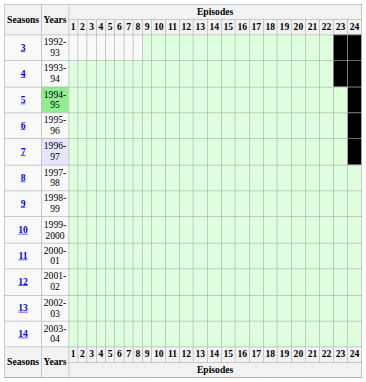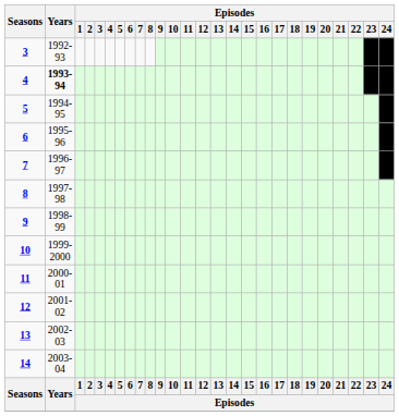 <table class="wikitable" style="text-align:center; margin:auto; width:5%;">
 <tr>
 <th colspan="1" rowspan="2" style="text-align:center;">Seasons</th>
 <th colspan="1" rowspan="2" style="text-align:center;">Years</th>
 <th colspan="24"  style="text-align:center;">Episodes</th>
 </tr>
 <tr>
 <th colspan="1" style="text-align:center;">1</th>
 <th colspan="1" style="text-align:center;">2</th>
 <th colspan="1" style="text-align:center;">3</th>
 <th colspan="1" style="text-align:center;">4</th>
 <th colspan="1" style="text-align:center;">5</th>
 <th colspan="1" style="text-align:center;">6</th>
 <th colspan="1" style="text-align:center;">7</th>
 <th colspan="1" style="text-align:center;">8</th>
 <th colspan="1" style="text-align:center;">9</th>
 <th colspan="1" style="text-align:center;">10</th>
 <th colspan="1" style="text-align:center;">11</th>
 <th colspan="1" style="text-align:center;">12</th>
 <th colspan="1" style="text-align:center;">13</th>
 <th colspan="1" style="text-align:center;">14</th>
 <th colspan="1" style="text-align:center;">15</th>
 <th colspan="1" style="text-align:center;">16</th>
 <th colspan="1" style="text-align:center;">17</th>
 <th colspan="1" style="text-align:center;">18</th>
 <th colspan="1" style="text-align:center;">19</th>
 <th colspan="1" style="text-align:center;">20</th>
 <th colspan="1" style="text-align:center;">21</th>
 <th colspan="1" style="text-align:center;">22</th>
 <th colspan="1" style="text-align:center;">23</th>
 <th colspan="1" style="text-align:center;">24</th>
 </tr>
 <tr>
 <td><strong><a href='#'>3</a></strong></td>
 <td>1992-93</td>
 <td></td>
 <td></td>
 <td></td>
 <td></td>
 <td></td>
 <td></td>
 <td></td>
 <td></td>
 <td colspan="1" style="background:#dfd; text-align:center;"></td>
 <td colspan="1" style="background:#dfd; text-align:center;"></td>
 <td colspan="1" style="background:#dfd; text-align:center;"></td>
 <td colspan="1" style="background:#dfd; text-align:center;"></td>
 <td colspan="1" style="background:#dfd; text-align:center;"></td>
 <td colspan="1" style="background:#dfd; text-align:center;"></td>
 <td colspan="1" style="background:#dfd; text-align:center;"></td>
 <td colspan="1" style="background:#dfd; text-align:center;"></td>
 <td colspan="1" style="background:#dfd; text-align:center;"></td>
 <td colspan="1" style="background:#dfd; text-align:center;"></td>
 <td colspan="1" style="background:#dfd; text-align:center;"></td>
 <td colspan="1" style="background:#dfd; text-align:center;"></td>
 <td colspan="1" style="background:#dfd; text-align:center;"></td>
 <td olspan="1" style="background:#dfd; text-align:center;"></td>
 <td colspan="1" style="background:black; color:black; vertical-align:middle; text-align:center;" class="table-na"></td>
 <td colspan="1" style="background:black; color:black; vertical-align:middle; text-align:center;" class="table-na"></td>
 </tr>
 <tr>
 <td><strong><a href='#'>4</a></strong></td>
-<td>1993-94</td>
+<td><strong>1993-94</strong></td>
 <td ="1" style="background:#dfd; text-align:center;"></td>
 <td colspan="1" style="background:#dfd; text-align:center;"></td>
 <td colspan="1" style="background:#dfd; text-align:center;"></td>
 <td colspan="1" style="background:#dfd; text-align:center;"></td>
 <td colspan="1" style="background:#dfd; text-align:center;"></td>
 <td colspan="1" style="background:#dfd; text-align:center;"></td>
 <td colspan="1" style="background:#dfd; text-align:center;"></td>
 <td colspan="1" style="background:#dfd; text-align:center;"></td>
 <td colspan="1" style="background:#dfd; text-align:center;"></td>
 <td colspan="1" style="background:#dfd; text-align:center;"></td>
 <td colspan="1" style="background:#dfd; text-align:center;"></td>
 <td colspan="1" style="background:#dfd; text-align:center;"></td>
 <td colspan="1" style="background:#dfd; text-align:center;"></td>
 <td colspan="1" style="background:#dfd; text-align:center;"></td>
 <td colspan="1" style="background:#dfd; text-align:center;"></td>
 <td colspan="1" style="background:#dfd; text-align:center;"></td>
 <td colspan="1" style="background:#dfd; text-align:center;"></td>
 <td colspan="1" style="background:#dfd; text-align:center;"></td>
 <td colspan="1" style="background:#dfd; text-align:center;"></td>
 <td colspan="1" style="background:#dfd; text-align:center;"></td>
 <td colspan="1" style="background:#dfd; text-align:center;"></td>
 <td colspan="1" style="background:#dfd; text-align:center;"></td>
 <td colspan="1" style="background:black; color:gray; vertical-align:middle; text-align:center;" class="table-na"></td>
 <td colspan="1" style="background:black; color:gray; vertical-align:middle; text-align:center;" class="table-na"></td>
 </tr>
 <tr>
 <td><strong><a href='#'>5</a></strong></td>
-<td style="background: lightgreen;">1994-95</td>
+<td>1994-95</td>
 <td ="1" style="background:#dfd; text-align:center;"></td>
 <td colspan="1" style="background:#dfd; text-align:center;"></td>
 <td colspan="1" style="background:#dfd; text-align:center;"></td>
 <td colspan="1" style="background:#dfd; text-align:center;"></td>
 <td colspan="1" style="background:#dfd; text-align:center;"></td>
 <td colspan="1" style="background:#dfd; text-align:center;"></td>
 <td colspan="1" style="background:#dfd; text-align:center;"></td>
 <td colspan="1" style="background:#dfd; text-align:center;"></td>
 <td colspan="1" style="background:#dfd; text-align:center;"></td>
 <td colspan="1" style="background:#dfd; text-align:center;"></td>
 <td colspan="1" style="background:#dfd; text-align:center;"></td>
 <td colspan="1" style="background:#dfd; text-align:center;"></td>
 <td colspan="1" style="background:#dfd; text-align:center;"></td>
 <td colspan="1" style="background:#dfd; text-align:center;"></td>
 <td colspan="1" style="background:#dfd; text-align:center;"></td>
 <td colspan="1" style="background:#dfd; text-align:center;"></td>
 <td colspan="1" style="background:#dfd; text-align:center;"></td>
 <td colspan="1" style="background:#dfd; text-align:center;"></td>
 <td colspan="1" style="background:#dfd; text-align:center;"></td>
 <td colspan="1" style="background:#dfd; text-align:center;"></td>
 <td colspan="1" style="background:#dfd; text-align:center;"></td>
 <td colspan="1" style="background:#dfd; text-align:center;"></td>
 <td olspan="1" style="background:#dfd; text-align:center;"></td>
 <td colspan="1" style="background:black; color:gray; vertical-align:middle; text-align:center;" class="table-na"></td>
 </tr>
 <tr>
 <td><strong><a href='#'>6</a></strong></td>
 <td>1995-96</td>
 <td colspan="1" style="background:#dfd; text-align:center;"></td>
 <td colspan="1" style="background:#dfd; text-align:center;"></td>
 <td colspan="1" style="background:#dfd; text-align:center;"></td>
 <td colspan="1" style="background:#dfd; text-align:center;"></td>
 <td colspan="1" style="background:#dfd; text-align:center;"></td>
 <td colspan="1" style="background:#dfd; text-align:center;"></td>
 <td colspan="1" style="background:#dfd; text-align:center;"></td>
 <td colspan="1" style="background:#dfd; text-align:center;"></td>
 <td colspan="1" style="background:#dfd; text-align:center;"></td>
 <td colspan="1" style="background:#dfd; text-align:center;"></td>
 <td colspan="1" style="background:#dfd; text-align:center;"></td>
 <td colspan="1" style="background:#dfd; text-align:center;"></td>
 <td colspan="1" style="background:#dfd; text-align:center;"></td>
 <td colspan="1" style="background:#dfd; text-align:center;"></td>
 <td colspan="1" style="background:#dfd; text-align:center;"></td>
 <td colspan="1" style="background:#dfd; text-align:center;"></td>
 <td colspan="1" style="background:#dfd; text-align:center;"></td>
 <td colspan="1" style="background:#dfd; text-align:center;"></td>
 <td colspan="1" style="background:#dfd; text-align:center;"></td>
 <td colspan="1" style="background:#dfd; text-align:center;"></td>
 <td colspan="1" style="background:#dfd; text-align:center;"></td>
 <td colspan="1" style="background:#dfd; text-align:center;"></td>
 <td olspan="1" style="background:#dfd; text-align:center;"></td>
 <td colspan="1" style="background:black; color:gray; vertical-align:middle; text-align:center;" class="table-na"></td>
 </tr>
 <tr>
 <td><strong><a href='#'>7</a></strong></td>
-<td style="background: lavender;">1996-97</td>
+<td>1996-97</td>
 <td colspan="1" style="background:#dfd; text-align:center;"></td>
 <td colspan="1" style="background:#dfd; text-align:center;"></td>
 <td colspan="1" style="background:#dfd; text-align:center;"></td>
 <td colspan="1" style="background:#dfd; text-align:center;"></td>
 <td colspan="1" style="background:#dfd; text-align:center;"></td>
 <td colspan="1" style="background:#dfd; text-align:center;"></td>
 <td colspan="1" style="background:#dfd; text-align:center;"></td>
 <td colspan="1" style="background:#dfd; text-align:center;"></td>
 <td colspan="1" style="background:#dfd; text-align:center;"></td>
 <td colspan="1" style="background:#dfd; text-align:center;"></td>
 <td colspan="1" style="background:#dfd; text-align:center;"></td>
 <td colspan="1" style="background:#dfd; text-align:center;"></td>
 <td colspan="1" style="background:#dfd; text-align:center;"></td>
 <td colspan="1" style="background:#dfd; text-align:center;"></td>
 <td colspan="1" style="background:#dfd; text-align:center;"></td>
 <td colspan="1" style="background:#dfd; text-align:center;"></td>
 <td colspan="1" style="background:#dfd; text-align:center;"></td>
 <td colspan="1" style="background:#dfd; text-align:center;"></td>
 <td colspan="1" style="background:#dfd; text-align:center;"></td>
 <td colspan="1" style="background:#dfd; text-align:center;"></td>
 <td colspan="1" style="background:#dfd; text-align:center;"></td>
 <td colspan="1" style="background:#dfd; text-align:center;"></td>
 <td olspan="1" style="background:#dfd; text-align:center;"></td>
 <td colspan="1" style="background:black; color:gray; vertical-align:middle; text-align:center;" class="table-na"></td>
 </tr>
 <tr>
 <td><strong><a href='#'>8</a></strong></td>
 <td>1997-98</td>
 <td colspan="1" style="background:#dfd; text-align:center;"></td>
 <td colspan="1" style="background:#dfd; text-align:center;"></td>
 <td colspan="1" style="background:#dfd; text-align:center;"></td>
 <td colspan="1" style="background:#dfd; text-align:center;"></td>
 <td colspan="1" style="background:#dfd; text-align:center;"></td>
 <td colspan="1" style="background:#dfd; text-align:center;"></td>
 <td colspan="1" style="background:#dfd; text-align:center;"></td>
 <td colspan="1" style="background:#dfd; text-align:center;"></td>
 <td colspan="1" style="background:#dfd; text-align:center;"></td>
 <td colspan="1" style="background:#dfd; text-align:center;"></td>
 <td colspan="1" style="background:#dfd; text-align:center;"></td>
 <td colspan="1" style="background:#dfd; text-align:center;"></td>
 <td colspan="1" style="background:#dfd; text-align:center;"></td>
 <td colspan="1" style="background:#dfd; text-align:center;"></td>
 <td colspan="1" style="background:#dfd; text-align:center;"></td>
 <td colspan="1" style="background:#dfd; text-align:center;"></td>
 <td colspan="1" style="background:#dfd; text-align:center;"></td>
 <td colspan="1" style="background:#dfd; text-align:center;"></td>
 <td colspan="1" style="background:#dfd; text-align:center;"></td>
 <td colspan="1" style="background:#dfd; text-align:center;"></td>
 <td colspan="1" style="background:#dfd; text-align:center;"></td>
 <td colspan="1" style="background:#dfd; text-align:center;"></td>
 <td colspan="1" style="background:#dfd; text-align:center;"></td>
 <td colspan="1" style="background:#dfd; text-align:center;"></td>
 </tr>
 <tr>
 <td><strong><a href='#'>9</a></strong></td>
 <td>1998-99</td>
 <td colspan="1" style="background:#dfd; text-align:center;"></td>
 <td colspan="1" style="background:#dfd; text-align:center;"></td>
 <td colspan="1" style="background:#dfd; text-align:center;"></td>
 <td colspan="1" style="background:#dfd; text-align:center;"></td>
 <td colspan="1" style="background:#dfd; text-align:center;"></td>
 <td colspan="1" style="background:#dfd; text-align:center;"></td>
 <td colspan="1" style="background:#dfd; text-align:center;"></td>
 <td colspan="1" style="background:#dfd; text-align:center;"></td>
 <td colspan="1" style="background:#dfd; text-align:center;"></td>
 <td colspan="1" style="background:#dfd; text-align:center;"></td>
 <td colspan="1" style="background:#dfd; text-align:center;"></td>
 <td colspan="1" style="background:#dfd; text-align:center;"></td>
 <td colspan="1" style="background:#dfd; text-align:center;"></td>
 <td colspan="1" style="background:#dfd; text-align:center;"></td>
 <td colspan="1" style="background:#dfd; text-align:center;"></td>
 <td colspan="1" style="background:#dfd; text-align:center;"></td>
 <td colspan="1" style="background:#dfd; text-align:center;"></td>
 <td colspan="1" style="background:#dfd; text-align:center;"></td>
 <td colspan="1" style="background:#dfd; text-align:center;"></td>
 <td colspan="1" style="background:#dfd; text-align:center;"></td>
 <td colspan="1" style="background:#dfd; text-align:center;"></td>
 <td colspan="1" style="background:#dfd; text-align:center;"></td>
 <td colspan="1" style="background:#dfd; text-align:center;"></td>
 <td colspan="1" style="background:#dfd; text-align:center;"></td>
 </tr>
 <tr>
 <td><strong><a href='#'>10</a></strong></td>
 <td>1999-2000</td>
 <td colspan="1" style="background:#dfd; text-align:center;"></td>
 <td colspan="1" style="background:#dfd; text-align:center;"></td>
 <td colspan="1" style="background:#dfd; text-align:center;"></td>
 <td colspan="1" style="background:#dfd; text-align:center;"></td>
 <td colspan="1" style="background:#dfd; text-align:center;"></td>
 <td colspan="1" style="background:#dfd; text-align:center;"></td>
 <td colspan="1" style="background:#dfd; text-align:center;"></td>
 <td colspan="1" style="background:#dfd; text-align:center;"></td>
 <td colspan="1" style="background:#dfd; text-align:center;"></td>
 <td colspan="1" style="background:#dfd; text-align:center;"></td>
 <td colspan="1" style="background:#dfd; text-align:center;"></td>
 <td colspan="1" style="background:#dfd; text-align:center;"></td>
 <td colspan="1" style="background:#dfd; text-align:center;"></td>
 <td colspan="1" style="background:#dfd; text-align:center;"></td>
 <td colspan="1" style="background:#dfd; text-align:center;"></td>
 <td colspan="1" style="background:#dfd; text-align:center;"></td>
 <td colspan="1" style="background:#dfd; text-align:center;"></td>
 <td colspan="1" style="background:#dfd; text-align:center;"></td>
 <td colspan="1" style="background:#dfd; text-align:center;"></td>
 <td colspan="1" style="background:#dfd; text-align:center;"></td>
 <td colspan="1" style="background:#dfd; text-align:center;"></td>
 <td colspan="1" style="background:#dfd; text-align:center;"></td>
 <td colspan="1" style="background:#dfd; text-align:center;"></td>
 <td colspan="1" style="background:#dfd; text-align:center;"></td>
 </tr>
 <tr>
 <td><strong><a href='#'>11</a></strong></td>
 <td>2000-01</td>
 <td colspan="1" style="background:#dfd; text-align:center;"></td>
 <td colspan="1" style="background:#dfd; text-align:center;"></td>
 <td colspan="1" style="background:#dfd; text-align:center;"></td>
 <td colspan="1" style="background:#dfd; text-align:center;"></td>
 <td colspan="1" style="background:#dfd; text-align:center;"></td>
 <td colspan="1" style="background:#dfd; text-align:center;"></td>
 <td colspan="1" style="background:#dfd; text-align:center;"></td>
 <td colspan="1" style="background:#dfd; text-align:center;"></td>
 <td colspan="1" style="background:#dfd; text-align:center;"></td>
 <td colspan="1" style="background:#dfd; text-align:center;"></td>
 <td colspan="1" style="background:#dfd; text-align:center;"></td>
 <td colspan="1" style="background:#dfd; text-align:center;"></td>
 <td colspan="1" style="background:#dfd; text-align:center;"></td>
 <td colspan="1" style="background:#dfd; text-align:center;"></td>
 <td colspan="1" style="background:#dfd; text-align:center;"></td>
 <td colspan="1" style="background:#dfd; text-align:center;"></td>
 <td colspan="1" style="background:#dfd; text-align:center;"></td>
 <td colspan="1" style="background:#dfd; text-align:center;"></td>
 <td colspan="1" style="background:#dfd; text-align:center;"></td>
 <td colspan="1" style="background:#dfd; text-align:center;"></td>
 <td colspan="1" style="background:#dfd; text-align:center;"></td>
 <td colspan="1" style="background:#dfd; text-align:center;"></td>
 <td colspan="1" style="background:#dfd; text-align:center;"></td>
 <td colspan="1" style="background:#dfd; text-align:center;"></td>
 </tr>
 <tr>
 <td><strong><a href='#'>12</a></strong></td>
 <td>2001-02</td>
 <td colspan="1" style="background:#dfd; text-align:center;"></td>
 <td colspan="1" style="background:#dfd; text-align:center;"></td>
 <td colspan="1" style="background:#dfd; text-align:center;"></td>
 <td colspan="1" style="background:#dfd; text-align:center;"></td>
 <td colspan="1" style="background:#dfd; text-align:center;"></td>
 <td colspan="1" style="background:#dfd; text-align:center;"></td>
 <td colspan="1" style="background:#dfd; text-align:center;"></td>
 <td colspan="1" style="background:#dfd; text-align:center;"></td>
 <td colspan="1" style="background:#dfd; text-align:center;"></td>
 <td colspan="1" style="background:#dfd; text-align:center;"></td>
 <td colspan="1" style="background:#dfd; text-align:center;"></td>
 <td colspan="1" style="background:#dfd; text-align:center;"></td>
 <td colspan="1" style="background:#dfd; text-align:center;"></td>
 <td colspan="1" style="background:#dfd; text-align:center;"></td>
 <td colspan="1" style="background:#dfd; text-align:center;"></td>
 <td colspan="1" style="background:#dfd; text-align:center;"></td>
 <td colspan="1" style="background:#dfd; text-align:center;"></td>
 <td colspan="1" style="background:#dfd; text-align:center;"></td>
 <td colspan="1" style="background:#dfd; text-align:center;"></td>
 <td colspan="1" style="background:#dfd; text-align:center;"></td>
 <td colspan="1" style="background:#dfd; text-align:center;"></td>
 <td colspan="1" style="background:#dfd; text-align:center;"></td>
 <td colspan="1" style="background:#dfd; text-align:center;"></td>
 <td colspan="1" style="background:#dfd; text-align:center;"></td>
 </tr>
 <tr>
 <td><strong><a href='#'>13</a></strong></td>
 <td>2002-03</td>
 <td colspan="1" style="background:#dfd; text-align:center;"></td>
 <td colspan="1" style="background:#dfd; text-align:center;"></td>
 <td colspan="1" style="background:#dfd; text-align:center;"></td>
 <td colspan="1" style="background:#dfd; text-align:center;"></td>
 <td colspan="1" style="background:#dfd; text-align:center;"></td>
 <td colspan="1" style="background:#dfd; text-align:center;"></td>
 <td colspan="1" style="background:#dfd; text-align:center;"></td>
 <td colspan="1" style="background:#dfd; text-align:center;"></td>
 <td colspan="1" style="background:#dfd; text-align:center;"></td>
 <td colspan="1" style="background:#dfd; text-align:center;"></td>
 <td colspan="1" style="background:#dfd; text-align:center;"></td>
 <td colspan="1" style="background:#dfd; text-align:center;"></td>
 <td colspan="1" style="background:#dfd; text-align:center;"></td>
 <td colspan="1" style="background:#dfd; text-align:center;"></td>
 <td colspan="1" style="background:#dfd; text-align:center;"></td>
 <td colspan="1" style="background:#dfd; text-align:center;"></td>
 <td colspan="1" style="background:#dfd; text-align:center;"></td>
 <td colspan="1" style="background:#dfd; text-align:center;"></td>
 <td colspan="1" style="background:#dfd; text-align:center;"></td>
 <td colspan="1" style="background:#dfd; text-align:center;"></td>
 <td colspan="1" style="background:#dfd; text-align:center;"></td>
 <td colspan="1" style="background:#dfd; text-align:center;"></td>
 <td colspan="1" style="background:#dfd; text-align:center;"></td>
 <td colspan="1" style="background:#dfd; text-align:center;"></td>
 </tr>
 <tr>
 <td><strong><a href='#'>14</a></strong></td>
 <td>2003-04</td>
 <td colspan="1" style="background:#dfd; text-align:center;"></td>
 <td colspan="1" style="background:#dfd; text-align:center;"></td>
 <td colspan="1" style="background:#dfd; text-align:center;"></td>
 <td colspan="1" style="background:#dfd; text-align:center;"></td>
 <td colspan="1" style="background:#dfd; text-align:center;"></td>
 <td colspan="1" style="background:#dfd; text-align:center;"></td>
 <td colspan="1" style="background:#dfd; text-align:center;"></td>
 <td colspan="1" style="background:#dfd; text-align:center;"></td>
 <td colspan="1" style="background:#dfd; text-align:center;"></td>
 <td colspan="1" style="background:#dfd; text-align:center;"></td>
 <td colspan="1" style="background:#dfd; text-align:center;"></td>
 <td colspan="1" style="background:#dfd; text-align:center;"></td>
 <td colspan="1" style="background:#dfd; text-align:center;"></td>
 <td colspan="1" style="background:#dfd; text-align:center;"></td>
 <td colspan="1" style="background:#dfd; text-align:center;"></td>
 <td colspan="1" style="background:#dfd; text-align:center;"></td>
 <td colspan="1" style="background:#dfd; text-align:center;"></td>
 <td colspan="1" style="background:#dfd; text-align:center;"></td>
 <td colspan="1" style="background:#dfd; text-align:center;"></td>
 <td colspan="1" style="background:#dfd; text-align:center;"></td>
 <td colspan="1" style="background:#dfd; text-align:center;"></td>
 <td colspan="1" style="background:#dfd; text-align:center;"></td>
 <td colspan="1" style="background:#dfd; text-align:center;"></td>
 <td colspan="1" style="background:#dfd; text-align:center;"></td>
 </tr>
 <tr>
 <th rowspan="2" colspan="1" style="text-align:center;">Seasons</th>
 <th colspan="1" rowspan="2" style="text-align:center;">Years</th>
 <th colspan="1" style="text-align:center;">1</th>
 <th colspan="1" style="text-align:center;">2</th>
 <th colspan="1" style="text-align:center;">3</th>
 <th colspan="1" style="text-align:center;">4</th>
 <th colspan="1" style="text-align:center;">5</th>
 <th colspan="1" style="text-align:center;">6</th>
 <th colspan="1" style="text-align:center;">7</th>
 <th colspan="1" style="text-align:center;">8</th>
 <th colspan="1" style="text-align:center;">9</th>
 <th colspan="1" style="text-align:center;">10</th>
 <th colspan="1" style="text-align:center;">11</th>
 <th colspan="1" style="text-align:center;">12</th>
 <th colspan="1" style="text-align:center;">13</th>
 <th colspan="1" style="text-align:center;">14</th>
 <th colspan="1" style="text-align:center;">15</th>
 <th colspan="1" style="text-align:center;">16</th>
 <th colspan="1" style="text-align:center;">17</th>
 <th colspan="1" style="text-align:center;">18</th>
 <th colspan="1" style="text-align:center;">19</th>
 <th colspan="1" style="text-align:center;">20</th>
 <th colspan="1" style="text-align:center;">21</th>
 <th colspan="1" style="text-align:center;">22</th>
 <th colspan="1" style="text-align:center;">23</th>
 <th colspan="1" style="text-align:center;">24</th>
 </tr>
 <tr>
 <th colspan="24"  style="text-align:center;">Episodes</th>
 </tr>
 <tr>
 </tr>
 </table>
